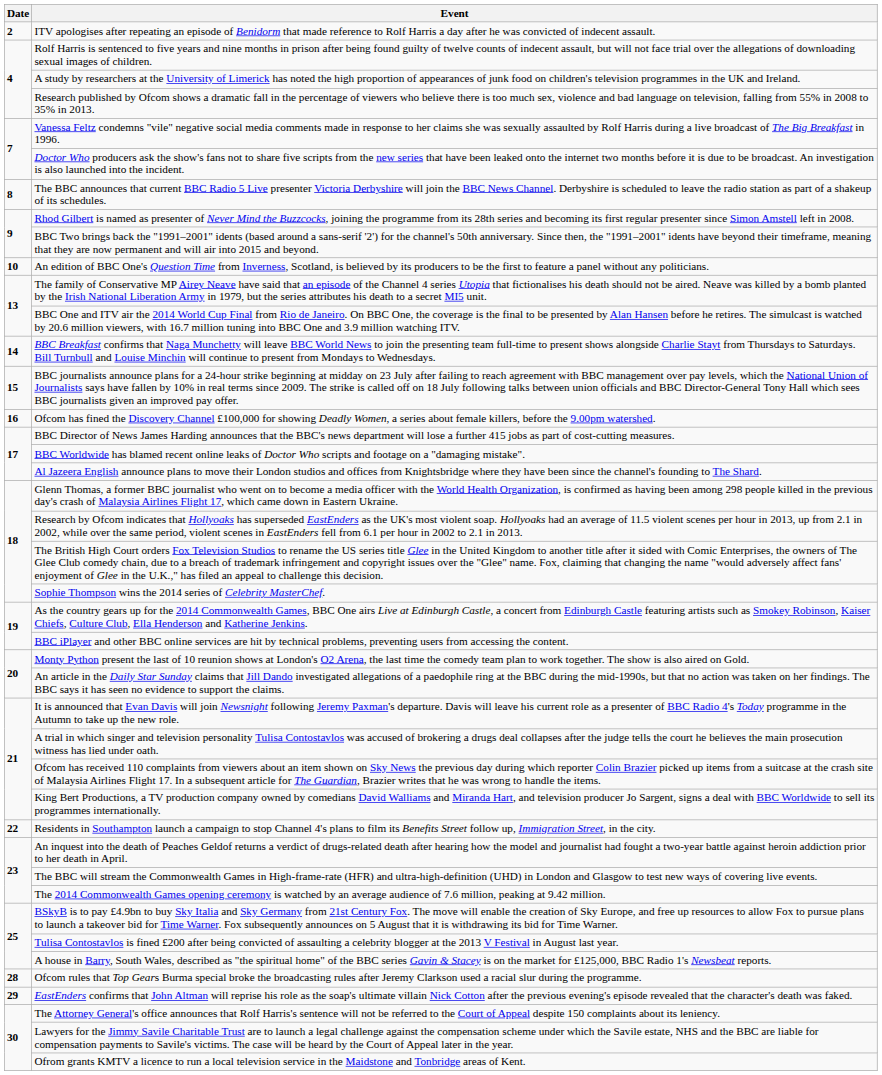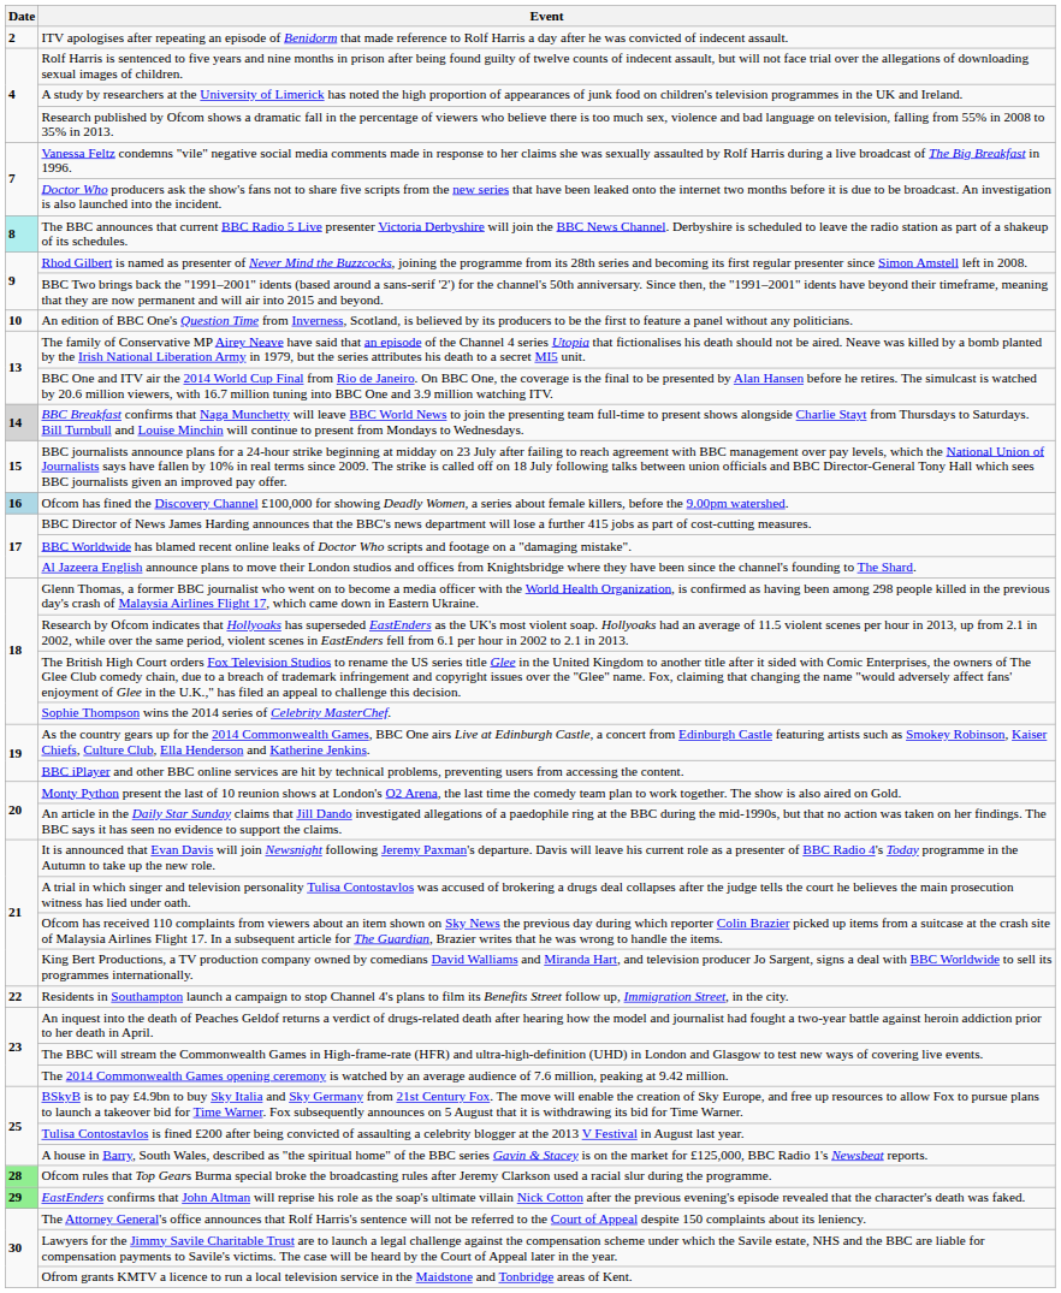 <table class="wikitable">
 <tr>
 <th>Date</th>
 <th>Event</th>
 </tr>
 <tr>
 <td><strong>2</strong></td>
 <td>ITV apologises after repeating an episode of <em><a href='#'>Benidorm</a></em> that made reference to Rolf Harris a day after he was convicted of indecent assault.</td>
 </tr>
 <tr>
 <td rowspan=3><strong>4</strong></td>
 <td>Rolf Harris is sentenced to five years and nine months in prison after being found guilty of twelve counts of indecent assault, but will not face trial over the allegations of downloading sexual images of children.</td>
 </tr>
 <tr>
 <td>A study by researchers at the <a href='#'>University of Limerick</a> has noted the high proportion of appearances of junk food on children's television programmes in the UK and Ireland.</td>
 </tr>
 <tr>
 <td>Research published by Ofcom shows a dramatic fall in the percentage of viewers who believe there is too much sex, violence and bad language on television, falling from 55% in 2008 to 35% in 2013.</td>
 </tr>
 <tr>
 <td rowspan=2><strong>7</strong></td>
 <td><a href='#'>Vanessa Feltz</a> condemns "vile" negative social media comments made in response to her claims she was sexually assaulted by Rolf Harris during a live broadcast of <em><a href='#'>The Big Breakfast</a></em> in 1996.</td>
 </tr>
 <tr>
 <td><em><a href='#'>Doctor Who</a></em> producers ask the show's fans not to share five scripts from the <a href='#'>new series</a> that have been leaked onto the internet two months before it is due to be broadcast. An investigation is also launched into the incident.</td>
 </tr>
 <tr>
-<td><strong>8</strong></td>
+<td style="background: paleturquoise;"><strong>8</strong></td>
 <td>The BBC announces that current <a href='#'>BBC Radio 5 Live</a> presenter <a href='#'>Victoria Derbyshire</a> will join the <a href='#'>BBC News Channel</a>. Derbyshire is scheduled to leave the radio station as part of a shakeup of its schedules.</td>
 </tr>
 <tr>
 <td rowspan=2><strong>9</strong></td>
 <td><a href='#'>Rhod Gilbert</a> is named as presenter of <em><a href='#'>Never Mind the Buzzcocks</a></em>, joining the programme from its 28th series and becoming its first regular presenter since <a href='#'>Simon Amstell</a> left in 2008.</td>
 </tr>
 <tr>
 <td>BBC Two brings back the "1991–2001" idents (based around a sans-serif '2') for the channel's 50th anniversary. Since then, the "1991–2001" idents have beyond their timeframe, meaning that they are now permanent and will air into 2015 and beyond.</td>
 </tr>
 <tr>
 <td><strong>10</strong></td>
 <td>An edition of BBC One's <em><a href='#'>Question Time</a></em> from <a href='#'>Inverness</a>, Scotland, is believed by its producers to be the first to feature a panel without any politicians.</td>
 </tr>
 <tr>
 <td rowspan=2><strong>13</strong></td>
 <td>The family of Conservative MP <a href='#'>Airey Neave</a> have said that <a href='#'>an episode</a> of the Channel 4 series <em><a href='#'>Utopia</a></em> that fictionalises his death should not be aired. Neave was killed by a bomb planted by the <a href='#'>Irish National Liberation Army</a> in 1979, but the series attributes his death to a secret <a href='#'>MI5</a> unit.</td>
 </tr>
 <tr>
 <td>BBC One and ITV air the <a href='#'>2014 World Cup Final</a> from <a href='#'>Rio de Janeiro</a>. On BBC One, the coverage is the final to be presented by <a href='#'>Alan Hansen</a> before he retires. The simulcast is watched by 20.6 million viewers, with 16.7 million tuning into BBC One and 3.9 million watching ITV.</td>
 </tr>
 <tr>
-<td><strong>14</strong></td>
+<td style="background: lightgrey;"><strong>14</strong></td>
 <td><em><a href='#'>BBC Breakfast</a></em> confirms that <a href='#'>Naga Munchetty</a> will leave <a href='#'>BBC World News</a> to join the presenting team full-time to present shows alongside <a href='#'>Charlie Stayt</a> from Thursdays to Saturdays. <a href='#'>Bill Turnbull</a> and <a href='#'>Louise Minchin</a> will continue to present from Mondays to Wednesdays.</td>
 </tr>
 <tr>
 <td><strong>15</strong></td>
 <td>BBC journalists announce plans for a 24-hour strike beginning at midday on 23 July after failing to reach agreement with BBC management over pay levels, which the <a href='#'>National Union of Journalists</a> says have fallen by 10% in real terms since 2009. The strike is called off on 18 July following talks between union officials and BBC Director-General Tony Hall which sees BBC journalists given an improved pay offer.</td>
 </tr>
 <tr>
-<td><strong>16</strong></td>
+<td style="background: lightblue;"><strong>16</strong></td>
 <td>Ofcom has fined the <a href='#'>Discovery Channel</a> £100,000 for showing <em>Deadly Women</em>, a series about female killers, before the <a href='#'>9.00pm watershed</a>.</td>
 </tr>
 <tr>
 <td rowspan=3><strong>17</strong></td>
 <td>BBC Director of News James Harding announces that the BBC's news department will lose a further 415 jobs as part of cost-cutting measures.</td>
 </tr>
 <tr>
 <td><a href='#'>BBC Worldwide</a> has blamed recent online leaks of <em>Doctor Who</em> scripts and footage on a "damaging mistake".</td>
 </tr>
 <tr>
 <td><a href='#'>Al Jazeera English</a> announce plans to move their London studios and offices from Knightsbridge where they have been since the channel's founding to <a href='#'>The Shard</a>.</td>
 </tr>
 <tr>
 <td rowspan=4><strong>18</strong></td>
 <td>Glenn Thomas, a former BBC journalist who went on to become a media officer with the <a href='#'>World Health Organization</a>, is confirmed as having been among 298 people killed in the previous day's crash of <a href='#'>Malaysia Airlines Flight 17</a>, which came down in Eastern Ukraine.</td>
 </tr>
 <tr>
 <td>Research by Ofcom indicates that <em><a href='#'>Hollyoaks</a></em> has superseded <em><a href='#'>EastEnders</a></em> as the UK's most violent soap. <em>Hollyoaks</em> had an average of 11.5 violent scenes per hour in 2013, up from 2.1 in 2002, while over the same period, violent scenes in <em>EastEnders</em> fell from 6.1 per hour in 2002 to 2.1 in 2013.</td>
 </tr>
 <tr>
 <td>The British High Court orders <a href='#'>Fox Television Studios</a> to rename the US series title <em><a href='#'>Glee</a></em> in the United Kingdom to another title after it sided with Comic Enterprises, the owners of The Glee Club comedy chain, due to a breach of trademark infringement and copyright issues over the "Glee" name. Fox, claiming that changing the name "would adversely affect fans' enjoyment of <em>Glee</em> in the U.K.," has filed an appeal to challenge this decision.</td>
 </tr>
 <tr>
 <td><a href='#'>Sophie Thompson</a> wins the 2014 series of <em><a href='#'>Celebrity MasterChef</a></em>.</td>
 </tr>
 <tr>
 <td rowspan=2><strong>19</strong></td>
 <td>As the country gears up for the <a href='#'>2014 Commonwealth Games</a>, BBC One airs <em>Live at Edinburgh Castle</em>, a concert from <a href='#'>Edinburgh Castle</a> featuring artists such as <a href='#'>Smokey Robinson</a>, <a href='#'>Kaiser Chiefs</a>, <a href='#'>Culture Club</a>, <a href='#'>Ella Henderson</a> and <a href='#'>Katherine Jenkins</a>.</td>
 </tr>
 <tr>
 <td><a href='#'>BBC iPlayer</a> and other BBC online services are hit by technical problems, preventing users from accessing the content.</td>
 </tr>
 <tr>
 <td rowspan=2><strong>20</strong></td>
 <td><a href='#'>Monty Python</a> present the last of 10 reunion shows at London's <a href='#'>O2 Arena</a>, the last time the comedy team plan to work together. The show is also aired on Gold.</td>
 </tr>
 <tr>
 <td>An article in the <em><a href='#'>Daily Star Sunday</a></em> claims that <a href='#'>Jill Dando</a> investigated allegations of a paedophile ring at the BBC during the mid-1990s, but that no action was taken on her findings. The BBC says it has seen no evidence to support the claims.</td>
 </tr>
 <tr>
 <td rowspan=4><strong>21</strong></td>
 <td>It is announced that <a href='#'>Evan Davis</a> will join <em><a href='#'>Newsnight</a></em> following <a href='#'>Jeremy Paxman</a>'s departure. Davis will leave his current role as a presenter of <a href='#'>BBC Radio 4</a>'s <em><a href='#'>Today</a></em> programme in the Autumn to take up the new role.</td>
 </tr>
 <tr>
 <td>A trial in which singer and television personality <a href='#'>Tulisa Contostavlos</a> was accused of brokering a drugs deal collapses after the judge tells the court he believes the main prosecution witness has lied under oath.</td>
 </tr>
 <tr>
 <td>Ofcom has received 110 complaints from viewers about an item shown on <a href='#'>Sky News</a> the previous day during which reporter <a href='#'>Colin Brazier</a> picked up items from a suitcase at the crash site of Malaysia Airlines Flight 17. In a subsequent article for <em><a href='#'>The Guardian</a></em>, Brazier writes that he was wrong to handle the items.</td>
 </tr>
 <tr>
 <td>King Bert Productions, a TV production company owned by comedians <a href='#'>David Walliams</a> and <a href='#'>Miranda Hart</a>, and television producer Jo Sargent, signs a deal with <a href='#'>BBC Worldwide</a> to sell its programmes internationally.</td>
 </tr>
 <tr>
 <td><strong>22</strong></td>
 <td>Residents in <a href='#'>Southampton</a> launch a campaign to stop Channel 4's plans to film its <em>Benefits Street</em> follow up, <em><a href='#'>Immigration Street</a></em>, in the city.</td>
 </tr>
 <tr>
 <td rowspan=3><strong>23</strong></td>
 <td>An inquest into the death of Peaches Geldof returns a verdict of drugs-related death after hearing how the model and journalist had fought a two-year battle against heroin addiction prior to her death in April.</td>
 </tr>
 <tr>
 <td>The BBC will stream the Commonwealth Games in High-frame-rate (HFR) and ultra-high-definition (UHD) in London and Glasgow to test new ways of covering live events.</td>
 </tr>
 <tr>
 <td>The <a href='#'>2014 Commonwealth Games opening ceremony</a> is watched by an average audience of 7.6 million, peaking at 9.42 million.</td>
 </tr>
 <tr>
 <td rowspan=3><strong>25</strong></td>
 <td><a href='#'>BSkyB</a> is to pay £4.9bn to buy <a href='#'>Sky Italia</a> and <a href='#'>Sky Germany</a> from <a href='#'>21st Century Fox</a>. The move will enable the creation of Sky Europe, and free up resources to allow Fox to pursue plans to launch a takeover bid for <a href='#'>Time Warner</a>. Fox subsequently announces on 5 August that it is withdrawing its bid for Time Warner.</td>
 </tr>
 <tr>
 <td><a href='#'>Tulisa Contostavlos</a> is fined £200 after being convicted of assaulting a celebrity blogger at the 2013 <a href='#'>V Festival</a> in August last year.</td>
 </tr>
 <tr>
 <td>A house in <a href='#'>Barry</a>, South Wales, described as "the spiritual home" of the BBC series <em><a href='#'>Gavin & Stacey</a></em> is on the market for £125,000, BBC Radio 1's <em><a href='#'>Newsbeat</a></em> reports.</td>
 </tr>
 <tr>
-<td><strong>28</strong></td>
+<td style="background: lightgreen;"><strong>28</strong></td>
 <td>Ofcom rules that <em>Top Gear</em>s Burma special broke the broadcasting rules after Jeremy Clarkson used a racial slur during the programme.</td>
 </tr>
 <tr>
-<td><strong>29</strong></td>
+<td style="background: lightgreen;"><strong>29</strong></td>
 <td><em><a href='#'>EastEnders</a></em> confirms that <a href='#'>John Altman</a> will reprise his role as the soap's ultimate villain <a href='#'>Nick Cotton</a> after the previous evening's episode revealed that the character's death was faked.</td>
 </tr>
 <tr>
 <td rowspan=3><strong>30</strong></td>
 <td>The <a href='#'>Attorney General</a>'s office announces that Rolf Harris's sentence will not be referred to the <a href='#'>Court of Appeal</a> despite 150 complaints about its leniency.</td>
 </tr>
 <tr>
 <td>Lawyers for the <a href='#'>Jimmy Savile Charitable Trust</a> are to launch a legal challenge against the compensation scheme under which the Savile estate, NHS and the BBC are liable for compensation payments to Savile's victims. The case will be heard by the Court of Appeal later in the year.</td>
 </tr>
 <tr>
 <td>Ofrom grants KMTV a licence to run a local television service in the <a href='#'>Maidstone</a> and <a href='#'>Tonbridge</a> areas of Kent.</td>
 </tr>
 </table>
